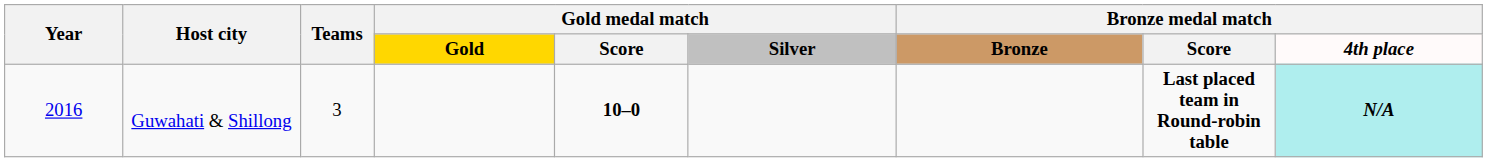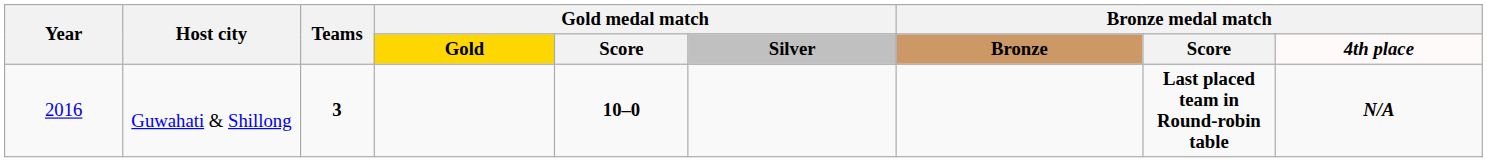 <table class="wikitable" style="font-size: 100%; text-align: center; width: 100%;">
 <tr>
 <th rowspan="2" style="width:8%;">Year</th>
 <th rowspan="2" style="width:12%;">Host city</th>
 <th rowspan="2" style="width:5%;">Teams</th>
 <th colspan="3">Gold medal match</th>
 <th colspan="3">Bronze medal match</th>
 </tr>
 <tr style="background:#efefef;">
 <td bgcolor="gold"><strong>Gold</strong></td>
 <th width=9%>Score</th>
 <td bgcolor="silver"><strong>Silver</strong></td>
 <td style="background:#c96;"><strong>Bronze</strong></td>
 <th width=9%>Score</th>
 <th style="width:14%; background:snow;"><em>4th place</em></th>
 </tr>
 <tr align=center>
 <td><a href='#'>2016</a></td>
 <td> <br> <a href='#'>Guwahati</a> & <a href='#'>Shillong</a></td>
-<td>3</td>
+<td><strong>3</strong></td>
 <td><strong></strong></td>
 <td><strong>10–0</strong></td>
 <td></td>
 <td></td>
 <td><strong><span>Last placed team in Round-robin table</span></strong></td>
-<td style="background: paleturquoise;"><strong><em>N/A</em></strong></td>
+<td><strong><em>N/A</em></strong></td>
 </tr>
 </table>
